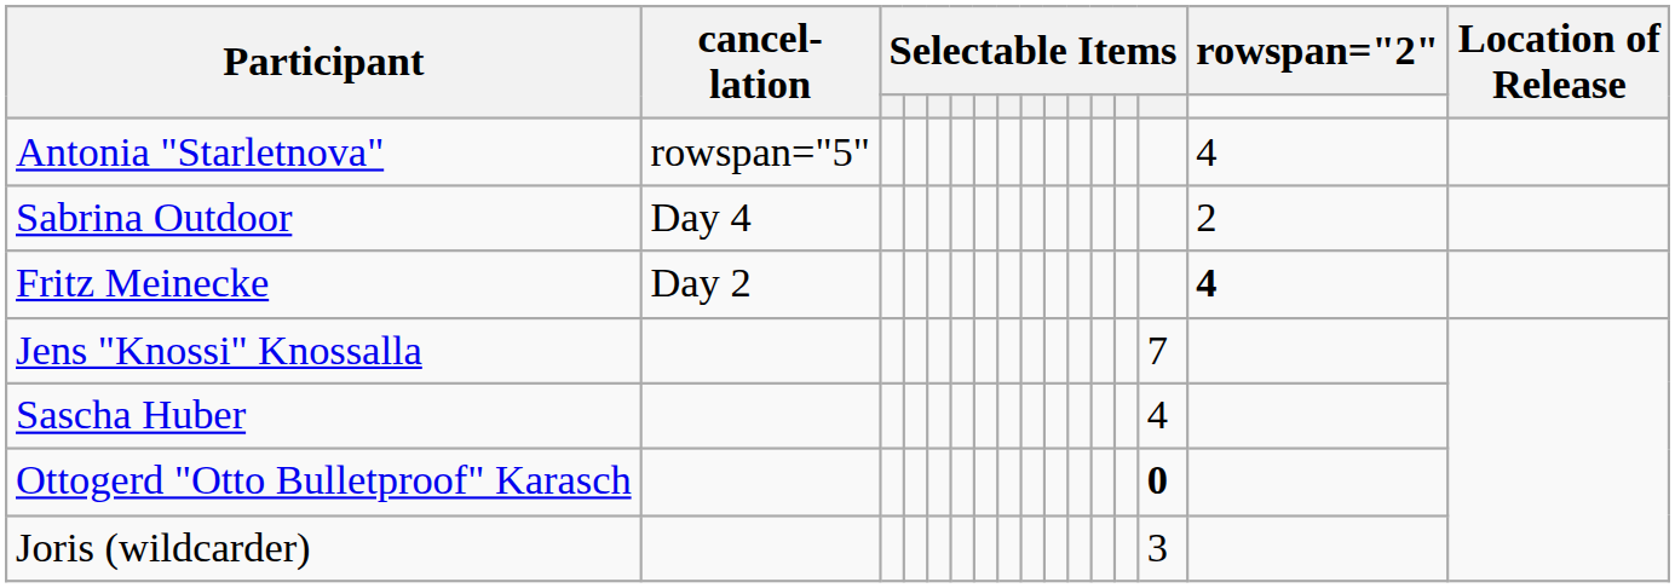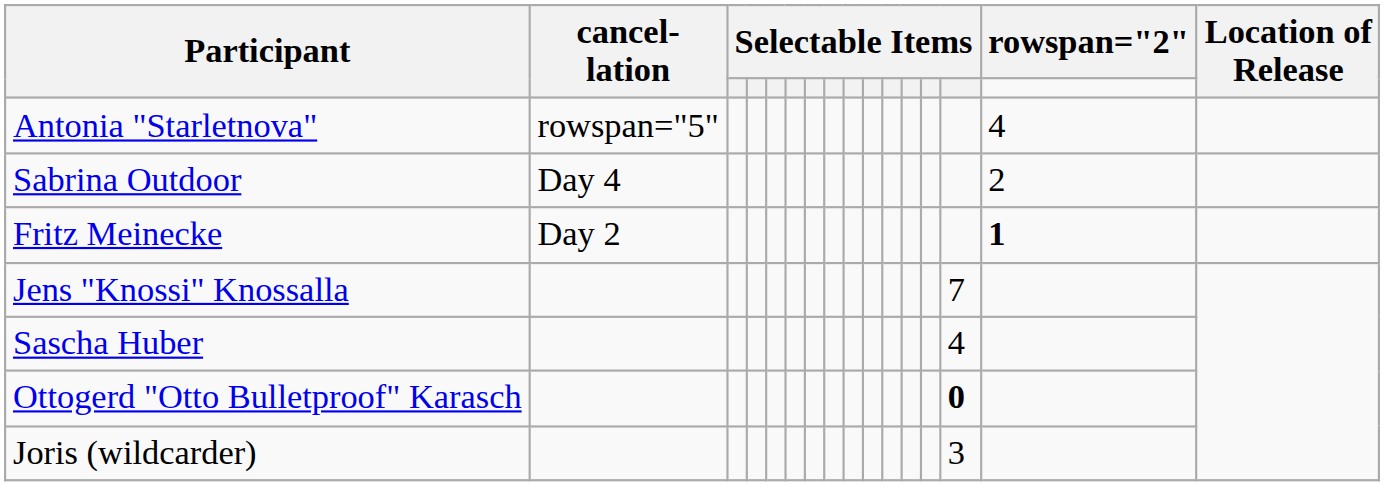 <table class="wikitable" style="text-align:left; white-space:nowrap">
 <tr>
 <th rowspan="2">Participant</th>
 <th rowspan="2">cancel-<br>lation</th>
 <th colspan="12">Selectable Items</th>
 <th>rowspan="2" </th>
 <th rowspan="2">Location of<br>Release</th>
 </tr>
 <tr style="line-height:115%; font-size:90%">
 <th></th>
 <th></th>
 <th></th>
 <th></th>
 <th></th>
 <th></th>
 <th></th>
 <th></th>
 <th></th>
 <th></th>
 <th></th>
 <th></th>
 </tr>
 <tr>
 <td><a href='#'>Antonia "Starletnova"</a></td>
 <td>rowspan="5" </td>
 <td></td>
 <td></td>
 <td></td>
 <td></td>
 <td></td>
 <td></td>
 <td></td>
 <td></td>
 <td></td>
 <td></td>
 <td></td>
 <td></td>
 <td>4</td>
 <td><small></small></td>
 </tr>
 <tr>
 <td><a href='#'>Sabrina Outdoor</a></td>
 <td>Day 4</td>
 <td></td>
 <td></td>
 <td></td>
 <td></td>
 <td></td>
 <td></td>
 <td></td>
 <td></td>
 <td></td>
 <td></td>
 <td></td>
 <td></td>
 <td>2</td>
 <td><small></small></td>
 </tr>
 <tr>
 <td><a href='#'>Fritz Meinecke</a></td>
 <td>Day 2</td>
 <td></td>
 <td></td>
 <td></td>
 <td></td>
 <td></td>
 <td></td>
 <td></td>
 <td></td>
 <td></td>
 <td></td>
 <td></td>
 <td></td>
-<td><strong>4</strong></td>
+<td><strong>1</strong></td>
 <td><small></small></td>
 </tr>
 <tr>
 <td><a href='#'>Jens "Knossi" Knossalla</a></td>
 <td></td>
 <td></td>
 <td></td>
 <td></td>
 <td></td>
 <td></td>
 <td></td>
 <td></td>
 <td></td>
 <td></td>
 <td></td>
 <td></td>
 <td>7</td>
 <td><small></small></td>
 </tr>
 <tr>
 <td><a href='#'>Sascha Huber</a></td>
 <td></td>
 <td></td>
 <td></td>
 <td></td>
 <td></td>
 <td></td>
 <td></td>
 <td></td>
 <td></td>
 <td></td>
 <td></td>
 <td></td>
 <td>4</td>
 <td><small></small></td>
 </tr>
 <tr>
 <td><a href='#'>Ottogerd "Otto Bulletproof" Karasch</a></td>
 <td></td>
 <td></td>
 <td></td>
 <td></td>
 <td></td>
 <td></td>
 <td></td>
 <td></td>
 <td></td>
 <td></td>
 <td></td>
 <td></td>
 <td><strong>0</strong></td>
 <td><small></small></td>
 </tr>
 <tr>
 <td>Joris (wildcarder)</td>
 <td></td>
 <td></td>
 <td></td>
 <td></td>
 <td></td>
 <td></td>
 <td></td>
 <td></td>
 <td></td>
 <td></td>
 <td></td>
 <td></td>
 <td>3</td>
 <td><small></small></td>
 </tr>
 </table>
